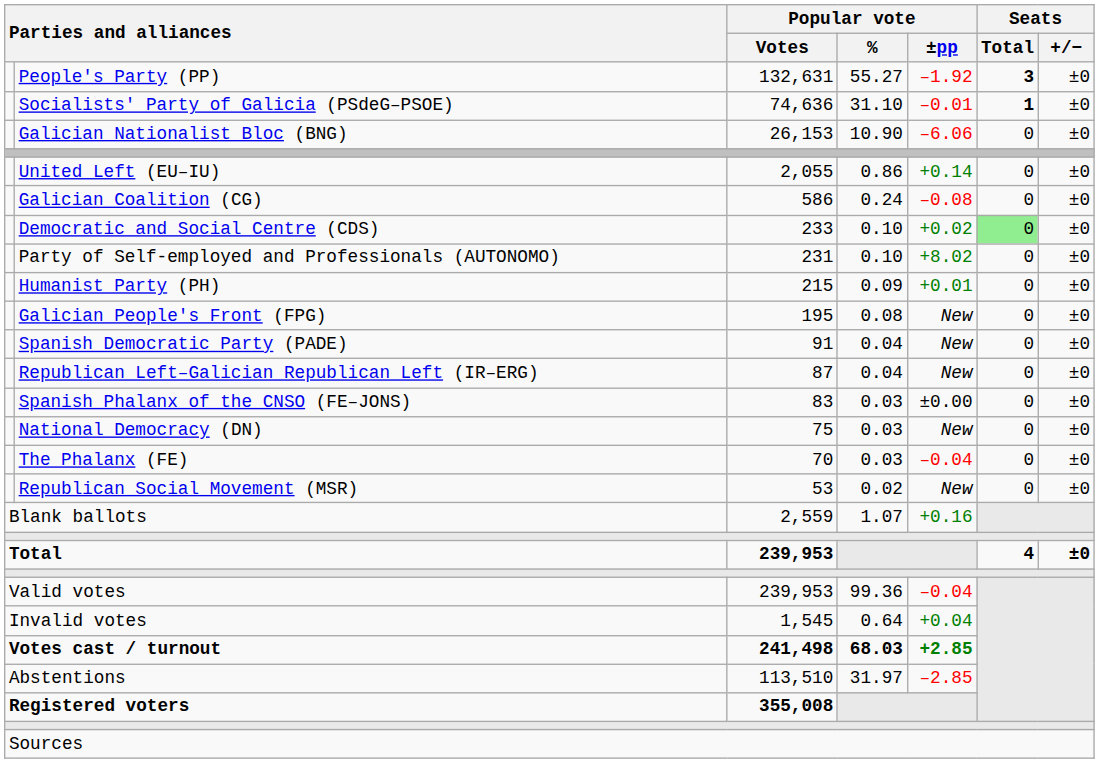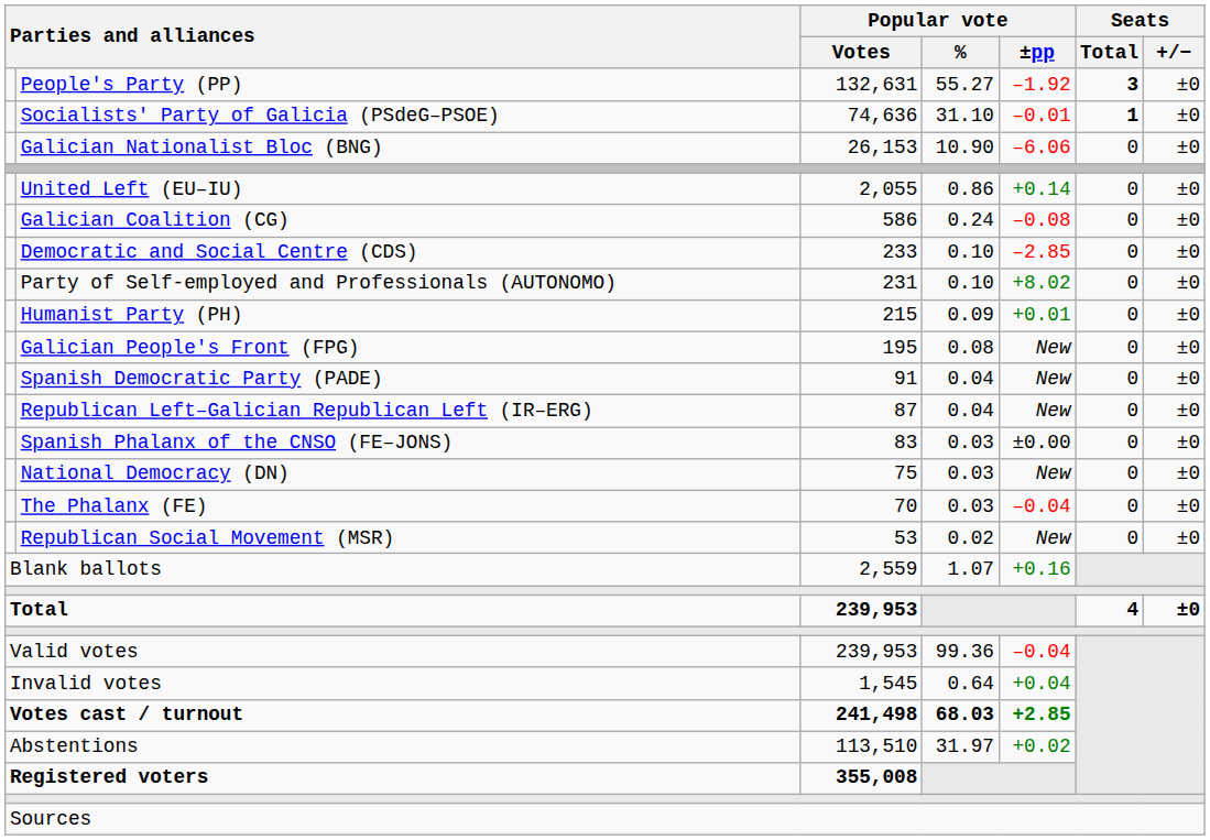 <table class="wikitable" style="text-align:right;">
 <tr>
 <th style="text-align:left;" rowspan="2" colspan="2" width="525">Parties and alliances</th>
 <th colspan="3">Popular vote</th>
 <th colspan="2">Seats</th>
 </tr>
 <tr>
 <th width="75">Votes</th>
 <th width="45">%</th>
 <th width="45">±<a href='#'>pp</a></th>
 <th width="35">Total</th>
 <th width="35">+/−</th>
 </tr>
 <tr>
 <td width="1" style="color:inherit;background:"></td>
 <td align="left"><a href='#'>People's Party</a> (PP)</td>
 <td>132,631</td>
 <td>55.27</td>
 <td style="color:red;">–1.92</td>
 <td><strong>3</strong></td>
 <td>±0</td>
 </tr>
 <tr>
 <td style="color:inherit;background:"></td>
 <td align="left"><a href='#'>Socialists' Party of Galicia</a> (PSdeG–PSOE)</td>
 <td>74,636</td>
 <td>31.10</td>
 <td style="color:red;">–0.01</td>
 <td><strong>1</strong></td>
 <td>±0</td>
 </tr>
 <tr>
 <td style="color:inherit;background:"></td>
 <td align="left"><a href='#'>Galician Nationalist Bloc</a> (BNG)</td>
 <td>26,153</td>
 <td>10.90</td>
 <td style="color:red;">–6.06</td>
 <td>0</td>
 <td>±0</td>
 </tr>
 <tr>
 <td colspan="7" bgcolor="#C0C0C0"></td>
 </tr>
 <tr>
 <td style="color:inherit;background:"></td>
 <td align="left"><a href='#'>United Left</a> (EU–IU)</td>
 <td>2,055</td>
 <td>0.86</td>
 <td style="color:green;">+0.14</td>
 <td>0</td>
 <td>±0</td>
 </tr>
 <tr>
 <td style="color:inherit;background:"></td>
 <td align="left"><a href='#'>Galician Coalition</a> (CG)</td>
 <td>586</td>
 <td>0.24</td>
 <td style="color:red;">–0.08</td>
 <td>0</td>
 <td>±0</td>
 </tr>
 <tr>
 <td style="color:inherit;background:"></td>
 <td align="left"><a href='#'>Democratic and Social Centre</a> (CDS)</td>
 <td>233</td>
 <td>0.10</td>
-<td style="color:green;">+0.02</td>
-<td style="background: lightgreen;">0</td>
+<td style="color:red;">–2.85</td>
+<td>0</td>
 <td>±0</td>
 </tr>
 <tr>
 <td style="color:inherit;background:"></td>
 <td align="left">Party of Self-employed and Professionals (AUTONOMO)</td>
 <td>231</td>
 <td>0.10</td>
 <td style="color:green;">+8.02</td>
 <td>0</td>
 <td>±0</td>
 </tr>
 <tr>
 <td style="color:inherit;background:"></td>
 <td align="left"><a href='#'>Humanist Party</a> (PH)</td>
 <td>215</td>
 <td>0.09</td>
 <td style="color:green;">+0.01</td>
 <td>0</td>
 <td>±0</td>
 </tr>
 <tr>
 <td style="color:inherit;background:"></td>
 <td align="left"><a href='#'>Galician People's Front</a> (FPG)</td>
 <td>195</td>
 <td>0.08</td>
 <td><em>New</em></td>
 <td>0</td>
 <td>±0</td>
 </tr>
 <tr>
 <td style="color:inherit;background:"></td>
 <td align="left"><a href='#'>Spanish Democratic Party</a> (PADE)</td>
 <td>91</td>
 <td>0.04</td>
 <td><em>New</em></td>
 <td>0</td>
 <td>±0</td>
 </tr>
 <tr>
 <td style="color:inherit;background:"></td>
 <td align="left"><a href='#'>Republican Left–Galician Republican Left</a> (IR–ERG)</td>
 <td>87</td>
 <td>0.04</td>
 <td><em>New</em></td>
 <td>0</td>
 <td>±0</td>
 </tr>
 <tr>
 <td style="color:inherit;background:"></td>
 <td align="left"><a href='#'>Spanish Phalanx of the CNSO</a> (FE–JONS)</td>
 <td>83</td>
 <td>0.03</td>
 <td>±0.00</td>
 <td>0</td>
 <td>±0</td>
 </tr>
 <tr>
 <td style="color:inherit;background:"></td>
 <td align="left"><a href='#'>National Democracy</a> (DN)</td>
 <td>75</td>
 <td>0.03</td>
 <td><em>New</em></td>
 <td>0</td>
 <td>±0</td>
 </tr>
 <tr>
 <td style="color:inherit;background:"></td>
 <td align="left"><a href='#'>The Phalanx</a> (FE)</td>
 <td>70</td>
 <td>0.03</td>
 <td style="color:red;">–0.04</td>
 <td>0</td>
 <td>±0</td>
 </tr>
 <tr>
 <td style="color:inherit;background:"></td>
 <td align="left"><a href='#'>Republican Social Movement</a> (MSR)</td>
 <td>53</td>
 <td>0.02</td>
 <td><em>New</em></td>
 <td>0</td>
 <td>±0</td>
 </tr>
 <tr>
 <td align="left" colspan="2">Blank ballots</td>
 <td>2,559</td>
 <td>1.07</td>
 <td style="color:green;">+0.16</td>
 <td bgcolor="#E9E9E9" colspan="2"></td>
 </tr>
 <tr>
 <td colspan="7" bgcolor="#E9E9E9"></td>
 </tr>
 <tr style="font-weight:bold;">
 <td align="left" colspan="2">Total</td>
 <td>239,953</td>
 <td bgcolor="#E9E9E9" colspan="2"></td>
 <td>4</td>
 <td>±0</td>
 </tr>
 <tr>
 <td colspan="7" bgcolor="#E9E9E9"></td>
 </tr>
 <tr>
 <td align="left" colspan="2">Valid votes</td>
 <td>239,953</td>
 <td>99.36</td>
 <td style="color:red;">–0.04</td>
 <td bgcolor="#E9E9E9" colspan="2" rowspan="5"></td>
 </tr>
 <tr>
 <td align="left" colspan="2">Invalid votes</td>
 <td>1,545</td>
 <td>0.64</td>
 <td style="color:green;">+0.04</td>
 </tr>
 <tr style="font-weight:bold;">
 <td align="left" colspan="2">Votes cast / turnout</td>
 <td>241,498</td>
 <td>68.03</td>
 <td style="color:green;">+2.85</td>
 </tr>
 <tr>
 <td align="left" colspan="2">Abstentions</td>
 <td>113,510</td>
 <td>31.97</td>
-<td style="color:red;">–2.85</td>
+<td style="color:green;">+0.02</td>
 </tr>
 <tr style="font-weight:bold;">
 <td align="left" colspan="2">Registered voters</td>
 <td>355,008</td>
 <td bgcolor="#E9E9E9" colspan="2"></td>
 </tr>
 <tr>
 <td colspan="7" bgcolor="#E9E9E9"></td>
 </tr>
 <tr>
 <td align="left" colspan="7">Sources</td>
 </tr>
 </table>
